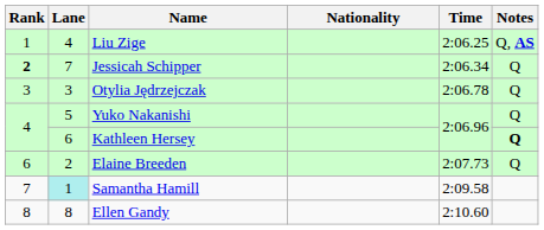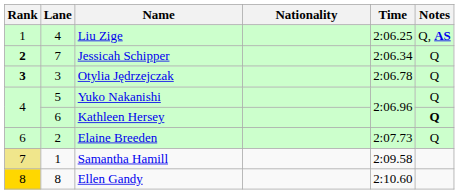 <table class="wikitable" style="text-align:center">
 <tr>
 <th>Rank</th>
 <th>Lane</th>
 <th width=200>Name</th>
 <th width=150>Nationality</th>
 <th>Time</th>
 <th>Notes</th>
 </tr>
 <tr bgcolor=ccffcc>
 <td>1</td>
 <td>4</td>
 <td align=left><a href='#'>Liu Zige</a></td>
 <td align=left></td>
 <td>2:06.25</td>
 <td>Q, <strong><a href='#'>AS</a></strong></td>
 </tr>
 <tr bgcolor=ccffcc>
 <td><strong>2</strong></td>
 <td>7</td>
 <td align=left><a href='#'>Jessicah Schipper</a></td>
 <td align=left></td>
 <td>2:06.34</td>
 <td>Q</td>
 </tr>
 <tr bgcolor=ccffcc>
-<td>3</td>
+<td><strong>3</strong></td>
 <td>3</td>
 <td align=left><a href='#'>Otylia Jędrzejczak</a></td>
 <td align=left></td>
 <td>2:06.78</td>
 <td>Q</td>
 </tr>
 <tr bgcolor=ccffcc>
 <td rowspan=2>4</td>
 <td>5</td>
 <td align=left><a href='#'>Yuko Nakanishi</a></td>
 <td align=left></td>
 <td rowspan=2>2:06.96</td>
 <td>Q</td>
 </tr>
 <tr bgcolor=ccffcc>
 <td>6</td>
 <td align=left><a href='#'>Kathleen Hersey</a></td>
 <td align=left></td>
 <td><strong>Q</strong></td>
 </tr>
 <tr bgcolor=ccffcc>
 <td>6</td>
 <td>2</td>
 <td align=left><a href='#'>Elaine Breeden</a></td>
 <td align=left></td>
 <td>2:07.73</td>
 <td>Q</td>
 </tr>
 <tr>
-<td>7</td>
-<td style="background: paleturquoise;">1</td>
+<td style="background: khaki;">7</td>
+<td>1</td>
 <td align=left><a href='#'>Samantha Hamill</a></td>
 <td align=left></td>
 <td>2:09.58</td>
 <td></td>
 </tr>
 <tr>
-<td>8</td>
+<td style="background: gold;">8</td>
 <td>8</td>
 <td align=left><a href='#'>Ellen Gandy</a></td>
 <td align=left></td>
 <td>2:10.60</td>
 <td></td>
 </tr>
 </table>
